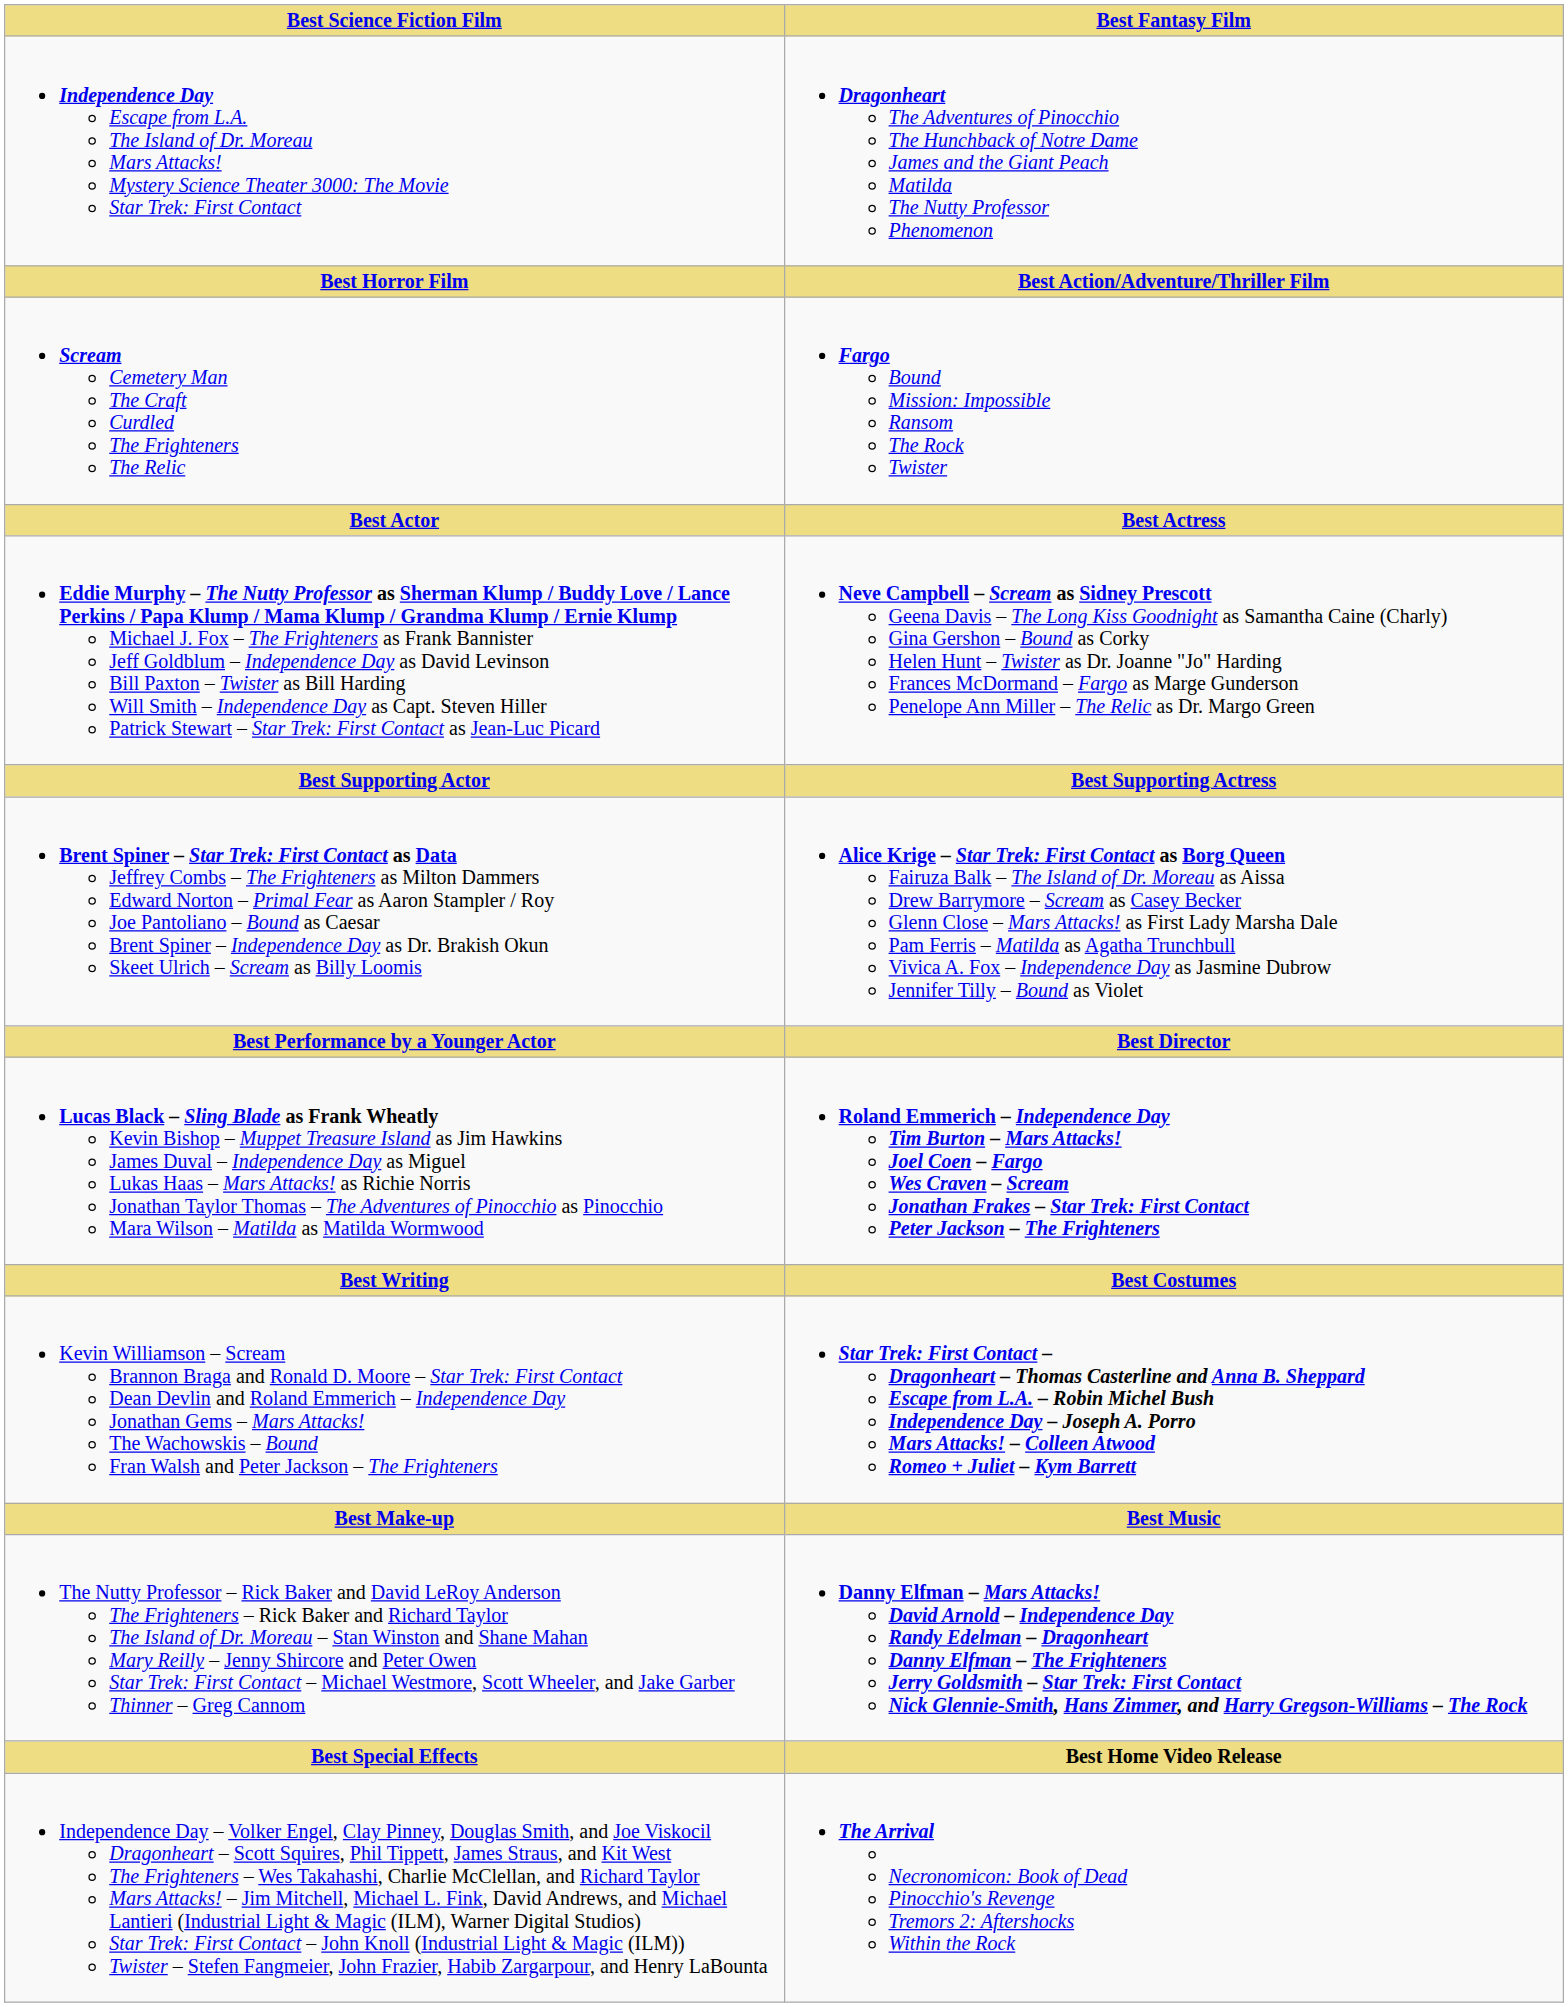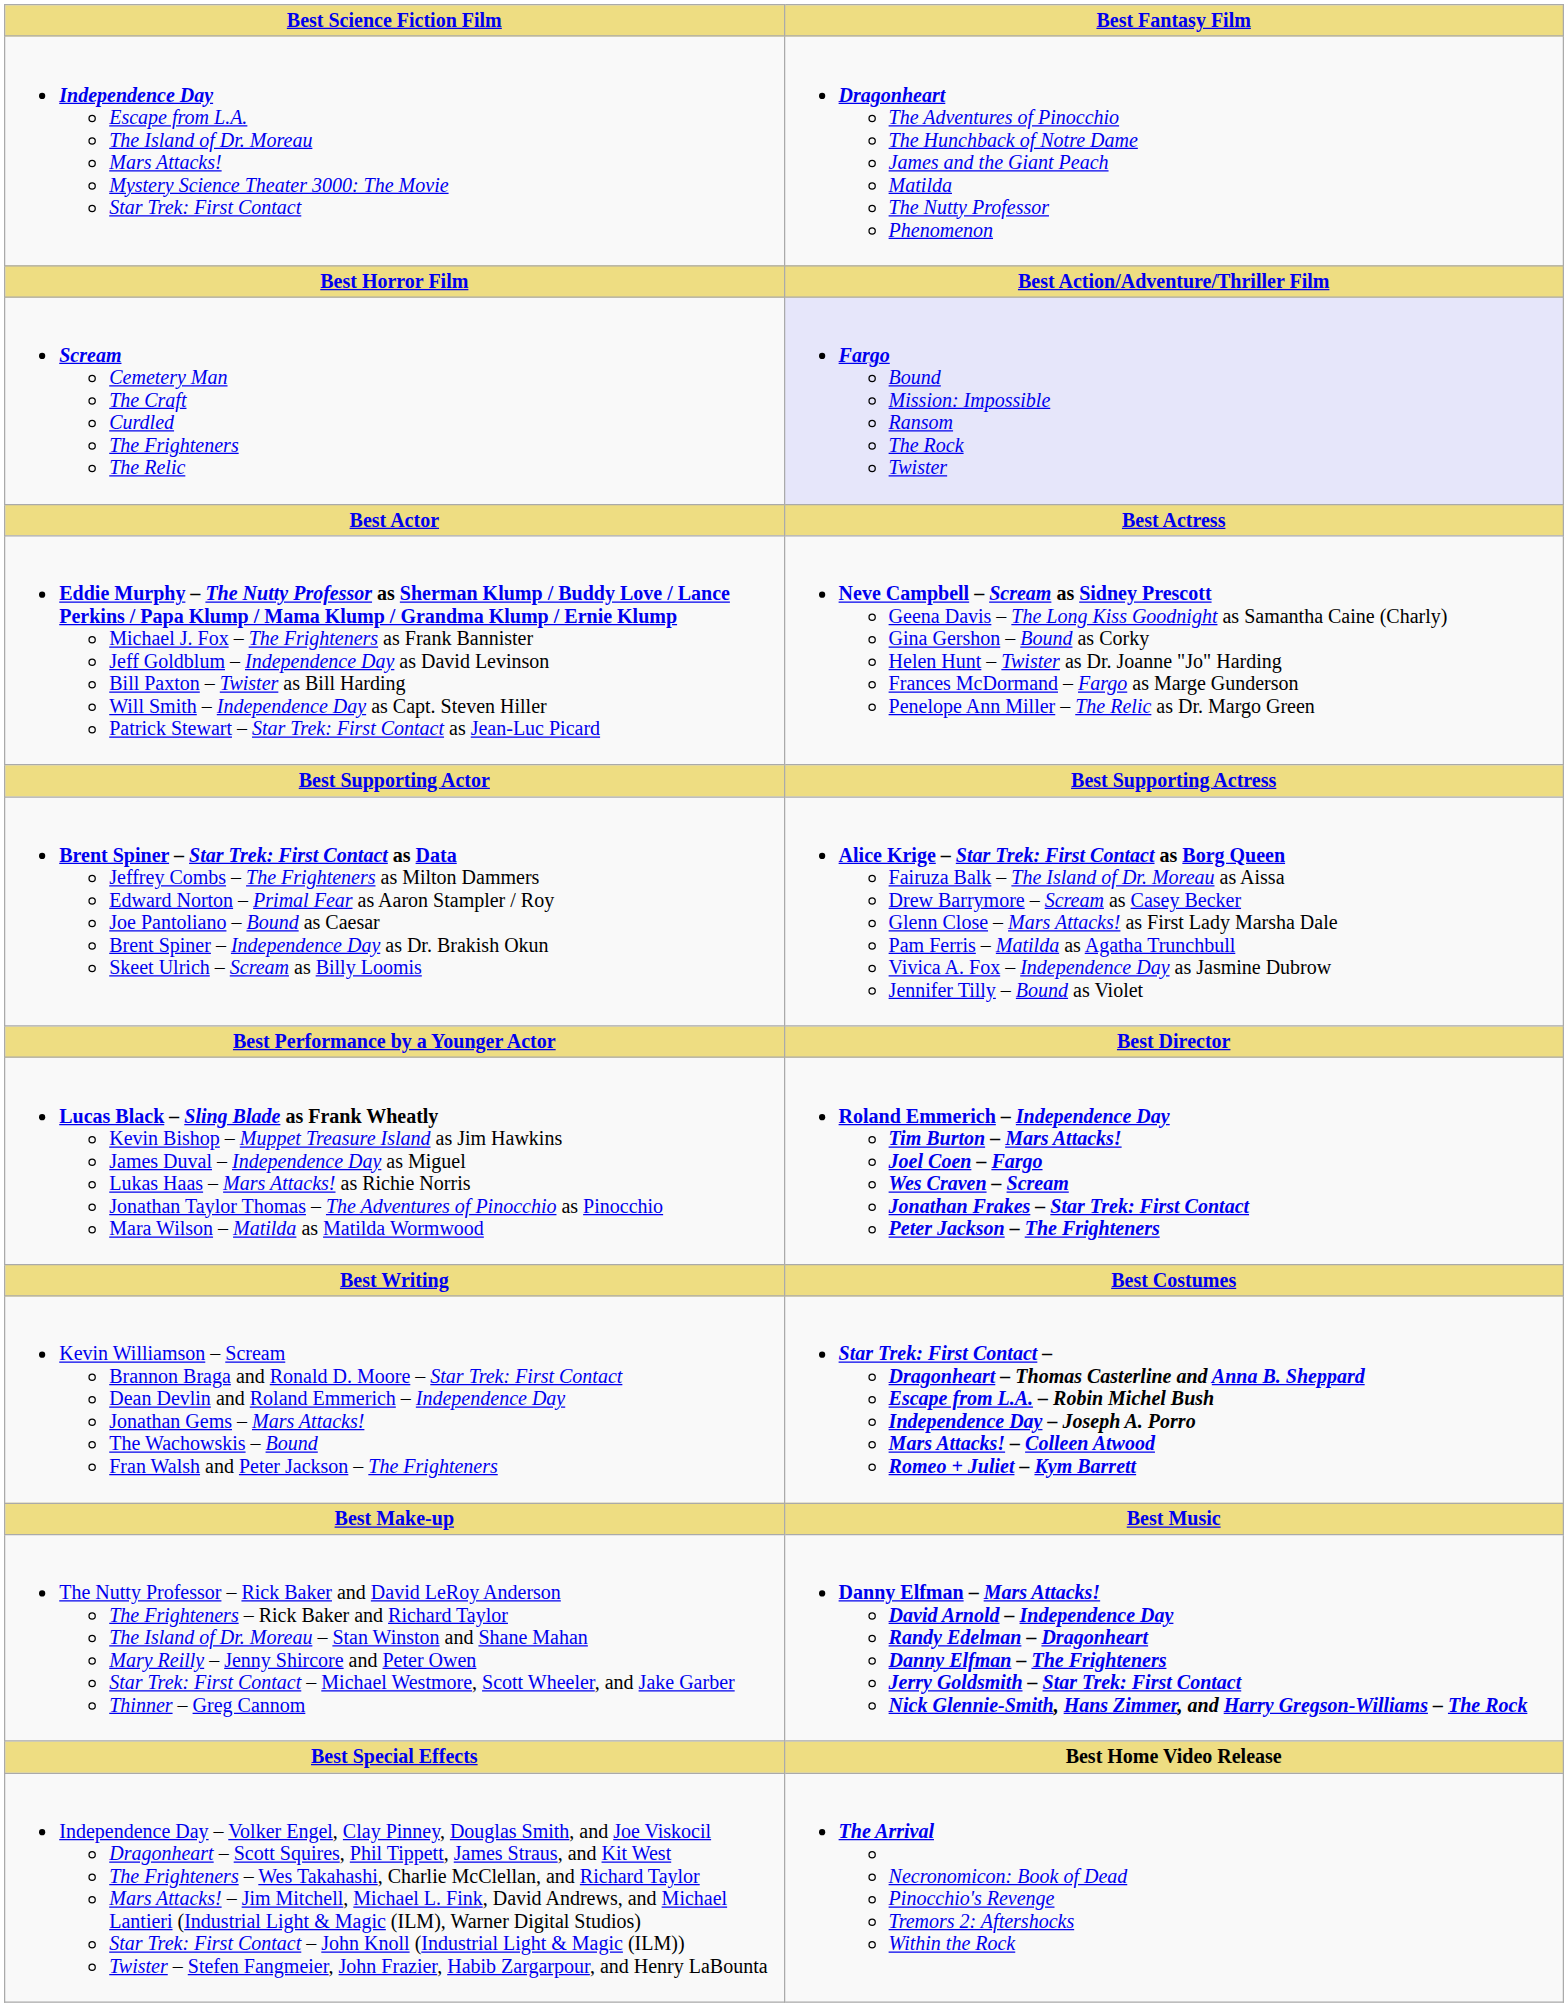 <table class=wikitable>
 <tr>
 <th style="background:#EEDD82; width:50%"><a href='#'>Best Science Fiction Film</a></th>
 <th style="background:#EEDD82; width:50%"><a href='#'>Best Fantasy Film</a></th>
 </tr>
 <tr>
 <td valign="top"><br><ul><li><strong><em><a href='#'>Independence Day</a></em></strong><ul><li><em><a href='#'>Escape from L.A.</a></em></li><li><em><a href='#'>The Island of Dr. Moreau</a></em></li><li><em><a href='#'>Mars Attacks!</a></em></li><li><em><a href='#'>Mystery Science Theater 3000: The Movie</a></em></li><li><em><a href='#'>Star Trek: First Contact</a></em></li></ul></li></ul></td>
 <td valign="top"><br><ul><li><strong><em><a href='#'>Dragonheart</a></em></strong><ul><li><em><a href='#'>The Adventures of Pinocchio</a></em></li><li><em><a href='#'>The Hunchback of Notre Dame</a></em></li><li><em><a href='#'>James and the Giant Peach</a></em></li><li><em><a href='#'>Matilda</a></em></li><li><em><a href='#'>The Nutty Professor</a></em></li><li><em><a href='#'>Phenomenon</a></em></li></ul></li></ul></td>
 </tr>
 <tr>
 <th style="background:#EEDD82; width:50%"><a href='#'>Best Horror Film</a></th>
 <th style="background:#EEDD82; width:50%"><a href='#'>Best Action/Adventure/Thriller Film</a></th>
 </tr>
 <tr>
 <td valign="top"><br><ul><li><strong><em><a href='#'>Scream</a></em></strong><ul><li><em><a href='#'>Cemetery Man</a></em></li><li><em><a href='#'>The Craft</a></em></li><li><em><a href='#'>Curdled</a></em></li><li><em><a href='#'>The Frighteners</a></em></li><li><em><a href='#'>The Relic</a></em></li></ul></li></ul></td>
-<td valign="top"><br><ul><li><strong><em><a href='#'>Fargo</a></em></strong><ul><li><em><a href='#'>Bound</a></em></li><li><em><a href='#'>Mission: Impossible</a></em></li><li><em><a href='#'>Ransom</a></em></li><li><em><a href='#'>The Rock</a></em></li><li><em><a href='#'>Twister</a></em></li></ul></li></ul></td>
+<td valign="top" style="background: lavender;"><br><ul><li><strong><em><a href='#'>Fargo</a></em></strong><ul><li><em><a href='#'>Bound</a></em></li><li><em><a href='#'>Mission: Impossible</a></em></li><li><em><a href='#'>Ransom</a></em></li><li><em><a href='#'>The Rock</a></em></li><li><em><a href='#'>Twister</a></em></li></ul></li></ul></td>
 </tr>
 <tr>
 <th style="background:#EEDD82; width:50%"><a href='#'>Best Actor</a></th>
 <th style="background:#EEDD82; width:50%"><a href='#'>Best Actress</a></th>
 </tr>
 <tr>
 <td valign="top"><br><ul><li><strong><a href='#'>Eddie Murphy</a><em> – <a href='#'>The Nutty Professor</a></em> as <a href='#'>Sherman Klump / Buddy Love / Lance Perkins / Papa Klump / Mama Klump / Grandma Klump / Ernie Klump</a></strong><ul><li><a href='#'>Michael J. Fox</a> – <em><a href='#'>The Frighteners</a></em> as Frank Bannister</li><li><a href='#'>Jeff Goldblum</a> – <em><a href='#'>Independence Day</a></em> as David Levinson</li><li><a href='#'>Bill Paxton</a> – <em><a href='#'>Twister</a></em> as Bill Harding</li><li><a href='#'>Will Smith</a> – <em><a href='#'>Independence Day</a></em> as Capt. Steven Hiller</li><li><a href='#'>Patrick Stewart</a> – <em><a href='#'>Star Trek: First Contact</a></em> as <a href='#'>Jean-Luc Picard</a></li></ul></li></ul></td>
 <td valign="top"><br><ul><li><strong><a href='#'>Neve Campbell</a> – <em><a href='#'>Scream</a></em> as <a href='#'>Sidney Prescott</a></strong><ul><li><a href='#'>Geena Davis</a> – <em><a href='#'>The Long Kiss Goodnight</a></em> as Samantha Caine (Charly)</li><li><a href='#'>Gina Gershon</a> – <em><a href='#'>Bound</a></em> as Corky</li><li><a href='#'>Helen Hunt</a> – <em><a href='#'>Twister</a></em> as Dr. Joanne "Jo" Harding</li><li><a href='#'>Frances McDormand</a> – <em><a href='#'>Fargo</a></em> as Marge Gunderson</li><li><a href='#'>Penelope Ann Miller</a> – <em><a href='#'>The Relic</a></em> as Dr. Margo Green</li></ul></li></ul></td>
 </tr>
 <tr>
 <th style="background:#EEDD82; width:50%"><a href='#'>Best Supporting Actor</a></th>
 <th style="background:#EEDD82; width:50%"><a href='#'>Best Supporting Actress</a></th>
 </tr>
 <tr>
 <td valign="top"><br><ul><li><strong><a href='#'>Brent Spiner</a> – <em><a href='#'>Star Trek: First Contact</a></em> as <a href='#'>Data</a></strong><ul><li><a href='#'>Jeffrey Combs</a> – <em><a href='#'>The Frighteners</a></em> as Milton Dammers</li><li><a href='#'>Edward Norton</a> – <em><a href='#'>Primal Fear</a></em> as Aaron Stampler / Roy</li><li><a href='#'>Joe Pantoliano</a> – <em><a href='#'>Bound</a></em> as Caesar</li><li><a href='#'>Brent Spiner</a> – <em><a href='#'>Independence Day</a></em> as Dr. Brakish Okun</li><li><a href='#'>Skeet Ulrich</a> – <em><a href='#'>Scream</a></em> as <a href='#'>Billy Loomis</a></li></ul></li></ul></td>
 <td valign="top"><br><ul><li><strong><a href='#'>Alice Krige</a> – <em><a href='#'>Star Trek: First Contact</a></em> as <a href='#'>Borg Queen</a></strong><ul><li><a href='#'>Fairuza Balk</a> – <em><a href='#'>The Island of Dr. Moreau</a></em> as Aissa</li><li><a href='#'>Drew Barrymore</a> – <em><a href='#'>Scream</a></em> as <a href='#'>Casey Becker</a></li><li><a href='#'>Glenn Close</a> – <em><a href='#'>Mars Attacks!</a></em> as First Lady Marsha Dale</li><li><a href='#'>Pam Ferris</a> – <em><a href='#'>Matilda</a></em> as <a href='#'>Agatha Trunchbull</a></li><li><a href='#'>Vivica A. Fox</a> – <em><a href='#'>Independence Day</a></em> as Jasmine Dubrow</li><li><a href='#'>Jennifer Tilly</a> – <em><a href='#'>Bound</a></em> as Violet</li></ul></li></ul></td>
 </tr>
 <tr>
 <th style="background:#EEDD82; width:50%"><a href='#'>Best Performance by a Younger Actor</a></th>
 <th style="background:#EEDD82; width:50%"><a href='#'>Best Director</a></th>
 </tr>
 <tr>
 <td valign="top"><br><ul><li><strong><a href='#'>Lucas Black</a><em> – <a href='#'>Sling Blade</a></em> as Frank Wheatly</strong><ul><li><a href='#'>Kevin Bishop</a> – <em><a href='#'>Muppet Treasure Island</a></em> as Jim Hawkins</li><li><a href='#'>James Duval</a> – <em><a href='#'>Independence Day</a></em> as Miguel</li><li><a href='#'>Lukas Haas</a> – <em><a href='#'>Mars Attacks!</a></em> as Richie Norris</li><li><a href='#'>Jonathan Taylor Thomas</a> – <em><a href='#'>The Adventures of Pinocchio</a></em> as <a href='#'>Pinocchio</a></li><li><a href='#'>Mara Wilson</a> – <em><a href='#'>Matilda</a></em> as <a href='#'>Matilda Wormwood</a></li></ul></li></ul></td>
 <td valign="top"><br><ul><li><strong><a href='#'>Roland Emmerich</a> – <em><a href='#'>Independence Day</a><strong><em><ul><li><a href='#'>Tim Burton</a> – </em><a href='#'>Mars Attacks!</a><em></li><li><a href='#'>Joel Coen</a> – </em><a href='#'>Fargo</a><em></li><li><a href='#'>Wes Craven</a> – </em><a href='#'>Scream</a><em></li><li><a href='#'>Jonathan Frakes</a> – </em><a href='#'>Star Trek: First Contact</a><em></li><li><a href='#'>Peter Jackson</a> – </em><a href='#'>The Frighteners</a><em></li></ul></li></ul></td>
 </tr>
 <tr>
 <th style="background:#EEDD82; width:50%"><a href='#'>Best Writing</a></th>
 <th style="background:#EEDD82; width:50%"><a href='#'>Best Costumes</a></th>
 </tr>
 <tr>
 <td valign="top"><br><ul><li></strong><a href='#'>Kevin Williamson</a> – </em><a href='#'>Scream</a></em></strong><ul><li><a href='#'>Brannon Braga</a> and <a href='#'>Ronald D. Moore</a> – <em><a href='#'>Star Trek: First Contact</a></em></li><li><a href='#'>Dean Devlin</a> and <a href='#'>Roland Emmerich</a> – <em><a href='#'>Independence Day</a></em></li><li><a href='#'>Jonathan Gems</a> – <em><a href='#'>Mars Attacks!</a></em></li><li><a href='#'>The Wachowskis</a> – <em><a href='#'>Bound</a></em></li><li><a href='#'>Fran Walsh</a> and <a href='#'>Peter Jackson</a> – <em><a href='#'>The Frighteners</a></em></li></ul></li></ul></td>
 <td valign="top"><br><ul><li><strong><em><a href='#'>Star Trek: First Contact</a><em> – <strong><ul><li></em><a href='#'>Dragonheart</a><em> – Thomas Casterline and <a href='#'>Anna B. Sheppard</a></li><li></em><a href='#'>Escape from L.A.</a><em> – Robin Michel Bush</li><li></em><a href='#'>Independence Day</a><em> – Joseph A. Porro</li><li></em><a href='#'>Mars Attacks!</a><em> – <a href='#'>Colleen Atwood</a></li><li></em><a href='#'>Romeo + Juliet</a><em> – <a href='#'>Kym Barrett</a></li></ul></li></ul></td>
 </tr>
 <tr>
 <th style="background:#EEDD82; width:50%"><a href='#'>Best Make-up</a></th>
 <th style="background:#EEDD82; width:50%"><a href='#'>Best Music</a></th>
 </tr>
 <tr>
 <td valign="top"><br><ul><li></em></strong><a href='#'>The Nutty Professor</a></em> – <a href='#'>Rick Baker</a> and <a href='#'>David LeRoy Anderson</a></strong><ul><li><em><a href='#'>The Frighteners</a></em> – Rick Baker and <a href='#'>Richard Taylor</a></li><li><em><a href='#'>The Island of Dr. Moreau</a></em> – <a href='#'>Stan Winston</a> and <a href='#'>Shane Mahan</a></li><li><em><a href='#'>Mary Reilly</a></em> – <a href='#'>Jenny Shircore</a> and <a href='#'>Peter Owen</a></li><li><em><a href='#'>Star Trek: First Contact</a></em> – <a href='#'>Michael Westmore</a>, <a href='#'>Scott Wheeler</a>, and <a href='#'>Jake Garber</a></li><li><em><a href='#'>Thinner</a></em> – <a href='#'>Greg Cannom</a></li></ul></li></ul></td>
 <td valign="top"><br><ul><li><strong><a href='#'>Danny Elfman</a> – <em><a href='#'>Mars Attacks!</a><strong><em><ul><li><a href='#'>David Arnold</a> – </em><a href='#'>Independence Day</a><em></li><li><a href='#'>Randy Edelman</a> – </em><a href='#'>Dragonheart</a><em></li><li><a href='#'>Danny Elfman</a> – </em><a href='#'>The Frighteners</a><em></li><li><a href='#'>Jerry Goldsmith</a> – </em><a href='#'>Star Trek: First Contact</a><em></li><li><a href='#'>Nick Glennie-Smith</a>, <a href='#'>Hans Zimmer</a>, and <a href='#'>Harry Gregson-Williams</a> – </em><a href='#'>The Rock</a><em></li></ul></li></ul></td>
 </tr>
 <tr>
 <th style="background:#EEDD82; width:50%"><a href='#'>Best Special Effects</a></th>
 <th style="background:#EEDD82; width:50%">Best Home Video Release</th>
 </tr>
 <tr>
 <td valign="top"><br><ul><li></em></strong><a href='#'>Independence Day</a></em> – <a href='#'>Volker Engel</a>, <a href='#'>Clay Pinney</a>, <a href='#'>Douglas Smith</a>, and <a href='#'>Joe Viskocil</a></strong><ul><li><em><a href='#'>Dragonheart</a></em> – <a href='#'>Scott Squires</a>, <a href='#'>Phil Tippett</a>, <a href='#'>James Straus</a>, and <a href='#'>Kit West</a></li><li><em><a href='#'>The Frighteners</a></em> – <a href='#'>Wes Takahashi</a>, Charlie McClellan, and <a href='#'>Richard Taylor</a></li><li><em><a href='#'>Mars Attacks!</a></em> – <a href='#'>Jim Mitchell</a>, <a href='#'>Michael L. Fink</a>, David Andrews, and <a href='#'>Michael Lantieri</a> (<a href='#'>Industrial Light & Magic</a> (ILM), Warner Digital Studios)</li><li><em><a href='#'>Star Trek: First Contact</a></em> – <a href='#'>John Knoll</a> (<a href='#'>Industrial Light & Magic</a> (ILM))</li><li><em><a href='#'>Twister</a></em> – <a href='#'>Stefen Fangmeier</a>, <a href='#'>John Frazier</a>, <a href='#'>Habib Zargarpour</a>, and Henry LaBounta</li></ul></li></ul></td>
 <td valign="top"><br><ul><li><strong><em><a href='#'>The Arrival</a></em></strong><ul><li><em></em></li><li><em><a href='#'>Necronomicon: Book of Dead</a></em></li><li><em><a href='#'>Pinocchio's Revenge</a></em></li><li><em><a href='#'>Tremors 2: Aftershocks</a></em></li><li><em><a href='#'>Within the Rock</a></em></li></ul></li></ul></td>
 </tr>
 </table>
